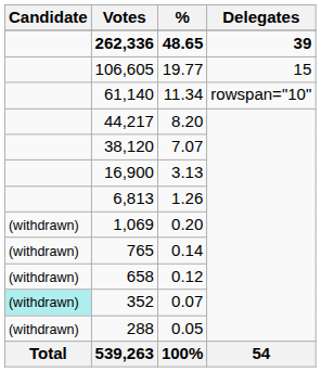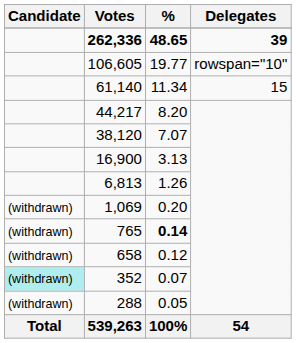 <table class="wikitable sortable plainrowheaders" style="text-align:right;">
 <tr>
 <th>Candidate</th>
 <th>Votes</th>
 <th>%</th>
 <th>Delegates</th>
 </tr>
 <tr>
 </tr>
 <tr>
 <td style="text-align:left;"><strong></strong></td>
 <td><strong>262,336</strong></td>
 <td><strong>48.65</strong></td>
 <td><strong>39</strong></td>
 </tr>
 <tr>
 <td style="text-align:left;"></td>
 <td>106,605</td>
 <td>19.77</td>
-<td>15</td>
+<td>rowspan="10" </td>
 </tr>
 <tr>
 <td style="text-align:left;"></td>
 <td>61,140</td>
 <td>11.34</td>
-<td>rowspan="10" </td>
+<td>15</td>
 </tr>
 <tr>
 <td style="text-align:left;"></td>
 <td>44,217</td>
 <td>8.20</td>
 </tr>
 <tr>
 <td style="text-align:left;"></td>
 <td>38,120</td>
 <td>7.07</td>
 </tr>
 <tr>
 <td style="text-align:left;"></td>
 <td>16,900</td>
 <td>3.13</td>
 </tr>
 <tr>
 <td style="text-align:left;"></td>
 <td>6,813</td>
 <td>1.26</td>
 </tr>
 <tr>
 <td style="text-align:left;"> <small>(withdrawn)</small></td>
 <td>1,069</td>
 <td>0.20</td>
 </tr>
 <tr>
 <td style="text-align:left;"> <small>(withdrawn)</small></td>
 <td>765</td>
-<td>0.14</td>
+<td><strong>0.14</strong></td>
 </tr>
 <tr>
 <td style="text-align:left;"> <small>(withdrawn)</small></td>
 <td>658</td>
 <td>0.12</td>
 </tr>
 <tr>
 <td style="background: paleturquoise; text-align:left;"> <small>(withdrawn)</small></td>
 <td>352</td>
 <td>0.07</td>
 </tr>
 <tr>
 <td style="text-align:left;"> <small>(withdrawn)</small></td>
 <td>288</td>
 <td>0.05</td>
 </tr>
 <tr class="sortbottom">
 <th>Total</th>
 <th>539,263</th>
 <th>100%</th>
 <th>54</th>
 </tr>
 </table>
